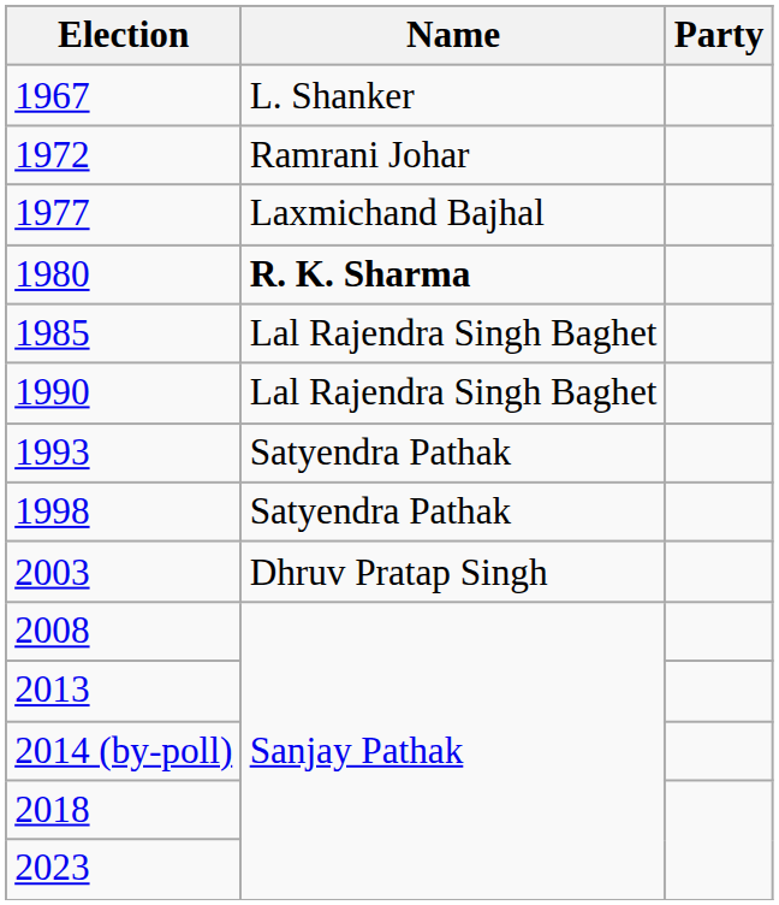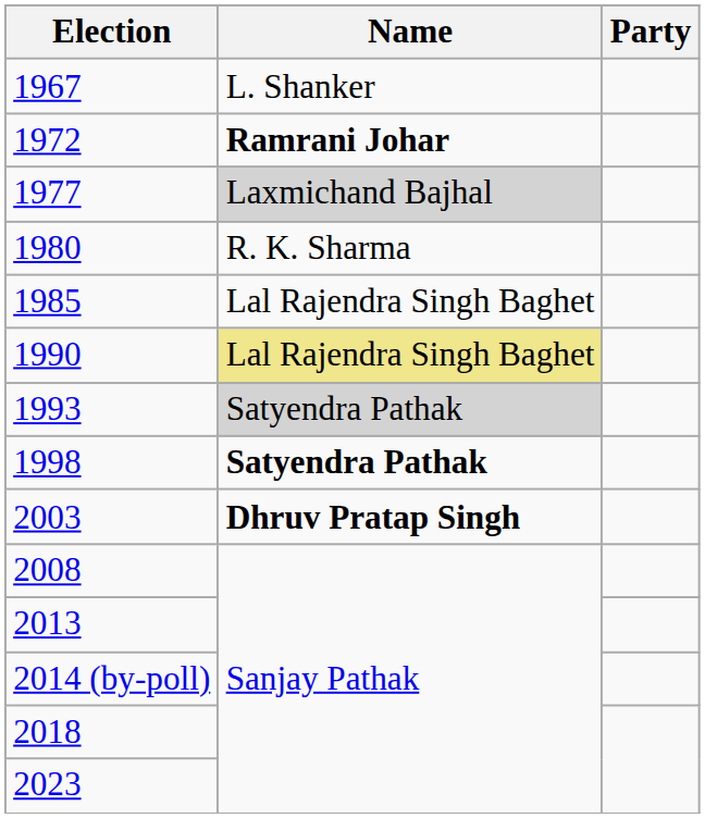 <table class="wikitable sortable">
 <tr>
 <th>Election</th>
 <th>Name</th>
 <th colspan=2>Party</th>
 </tr>
 <tr>
 <td><a href='#'>1967</a></td>
 <td>L. Shanker</td>
 <td></td>
 </tr>
 <tr>
 <td><a href='#'>1972</a></td>
-<td>Ramrani Johar</td>
+<td><strong>Ramrani Johar</strong></td>
 </tr>
 <tr>
 <td><a href='#'>1977</a></td>
-<td>Laxmichand Bajhal</td>
+<td style="background: lightgrey;">Laxmichand Bajhal</td>
 <td></td>
 </tr>
 <tr>
 <td><a href='#'>1980</a></td>
-<td><strong>R. K. Sharma</strong></td>
+<td>R. K. Sharma</td>
 <td></td>
 </tr>
 <tr>
 <td><a href='#'>1985</a></td>
 <td>Lal Rajendra Singh Baghet</td>
 <td></td>
 </tr>
 <tr>
 <td><a href='#'>1990</a></td>
-<td>Lal Rajendra Singh Baghet</td>
+<td style="background: khaki;">Lal Rajendra Singh Baghet</td>
 </tr>
 <tr>
 <td><a href='#'>1993</a></td>
-<td>Satyendra Pathak</td>
+<td style="background: lightgrey;">Satyendra Pathak</td>
 <td></td>
 </tr>
 <tr>
 <td><a href='#'>1998</a></td>
-<td>Satyendra Pathak</td>
+<td><strong>Satyendra Pathak</strong></td>
 </tr>
 <tr>
 <td><a href='#'>2003</a></td>
-<td>Dhruv Pratap Singh</td>
+<td><strong>Dhruv Pratap Singh</strong></td>
 <td></td>
 </tr>
 <tr>
 <td><a href='#'>2008</a></td>
 <td rowspan="5"><a href='#'>Sanjay Pathak</a></td>
 <td></td>
 </tr>
 <tr>
 <td><a href='#'>2013</a></td>
 </tr>
 <tr>
 <td><a href='#'>2014 (by-poll)</a></td>
 <td></td>
 </tr>
 <tr>
 <td><a href='#'>2018</a></td>
 </tr>
 <tr>
 <td><a href='#'>2023</a></td>
 </tr>
 </table>
